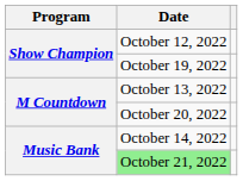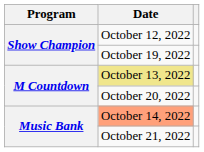 <table class="wikitable plainrowheaders" style="text-align:center;">
 <tr>
 <th>Program</th>
 <th>Date</th>
 <th class="unsortable"></th>
 </tr>
 <tr>
 <th scope="row" rowspan="2"><em><a href='#'>Show Champion</a></em></th>
 <td>October 12, 2022</td>
 <td style="text-align:center"></td>
 </tr>
 <tr>
 <td>October 19, 2022</td>
 <td style="text-align:center"></td>
 </tr>
 <tr>
 <th scope="row" rowspan="2"><em><a href='#'>M Countdown</a></em></th>
-<td>October 13, 2022</td>
+<td style="background: khaki;">October 13, 2022</td>
 <td style="text-align:center"></td>
 </tr>
 <tr>
 <td>October 20, 2022</td>
 <td style="text-align:center"></td>
 </tr>
 <tr>
 <th scope="row" rowspan="2"><em><a href='#'>Music Bank</a></em></th>
-<td>October 14, 2022</td>
+<td style="background: lightsalmon;">October 14, 2022</td>
 <td style="text-align:center"></td>
 </tr>
 <tr>
-<td style="background: lightgreen;">October 21, 2022</td>
+<td>October 21, 2022</td>
 <td style="text-align:center"></td>
 </tr>
 </table>
